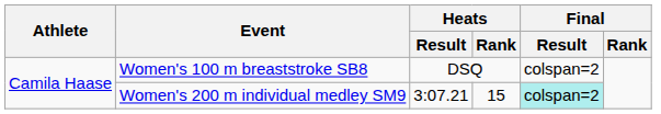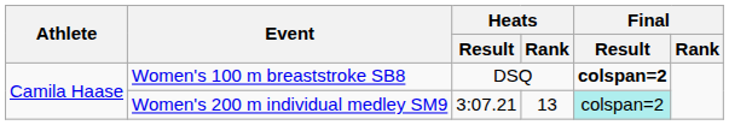 <table class=wikitable style="font-size:90%">
 <tr>
 <th rowspan="2">Athlete</th>
 <th rowspan="2">Event</th>
 <th colspan="2">Heats</th>
 <th colspan="2">Final</th>
 </tr>
 <tr>
 <th>Result</th>
 <th>Rank</th>
 <th>Result</th>
 <th>Rank</th>
 </tr>
 <tr align=center>
 <td align=left rowspan=2><a href='#'>Camila Haase</a></td>
 <td align=left><a href='#'>Women's 100 m breaststroke SB8</a></td>
 <td colspan=2>DSQ</td>
-<td>colspan=2 </td>
+<td><strong>colspan=2 </strong></td>
 </tr>
 <tr align=center>
 <td align=left><a href='#'>Women's 200 m individual medley SM9</a></td>
 <td>3:07.21</td>
-<td>15</td>
+<td>13</td>
 <td style="background: paleturquoise;">colspan=2 </td>
 </tr>
 </table>
